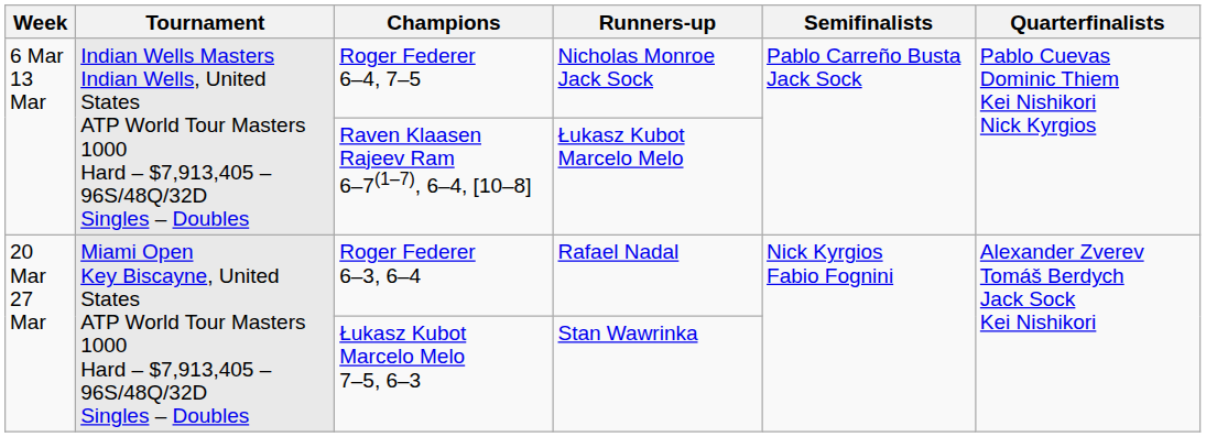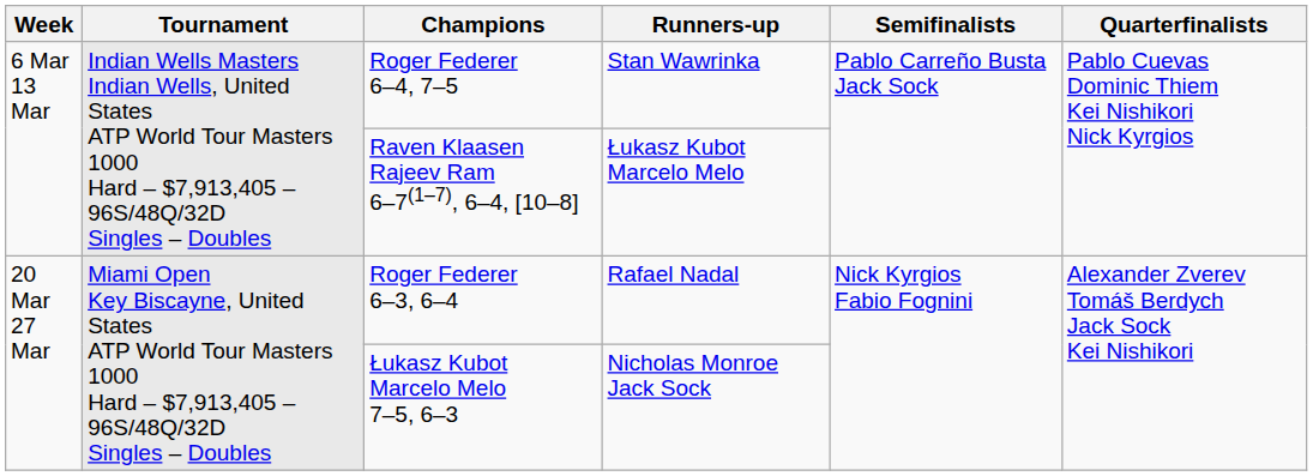 <table class=wikitable style=font-size:95%>
 <tr>
 <th style="width:48px;">Week</th>
 <th style="width:250px;">Tournament</th>
 <th style="width:205px;">Champions</th>
 <th style="width:205px;">Runners-up</th>
 <th style="width:190px;">Semifinalists</th>
 <th style="width:190px;">Quarterfinalists</th>
 </tr>
 <tr valign=top>
 <td rowspan=2>6 Mar<br>13 Mar</td>
 <td style="background:#e9e9e9;" rowspan=2><a href='#'>Indian Wells Masters</a><br> <a href='#'>Indian Wells</a>, United States<br>ATP World Tour Masters 1000<br>Hard – $7,913,405 – 96S/48Q/32D<br> <a href='#'>Singles</a> – <a href='#'>Doubles</a></td>
 <td> <a href='#'>Roger Federer</a> <br>6–4, 7–5</td>
-<td> <a href='#'>Nicholas Monroe</a><br> <a href='#'>Jack Sock</a></td>
+<td> <a href='#'>Stan Wawrinka</a></td>
 <td rowspan=2> <a href='#'>Pablo Carreño Busta</a> <br> <a href='#'>Jack Sock</a></td>
 <td rowspan=2> <a href='#'>Pablo Cuevas</a><br> <a href='#'>Dominic Thiem</a><br>  <a href='#'>Kei Nishikori</a><br> <a href='#'>Nick Kyrgios</a></td>
 </tr>
 <tr valign=top>
 <td> <a href='#'>Raven Klaasen</a> <br>  <a href='#'>Rajeev Ram</a><br>6–7<sup>(1–7)</sup>, 6–4, [10–8]</td>
 <td> <a href='#'>Łukasz Kubot</a><br>  <a href='#'>Marcelo Melo</a></td>
 </tr>
 <tr valign=top>
 <td rowspan=2>20 Mar<br>27 Mar</td>
 <td style="background:#e9e9e9;" rowspan=2><a href='#'>Miami Open</a><br> <a href='#'>Key Biscayne</a>, United States<br>ATP World Tour Masters 1000<br>Hard – $7,913,405 – 96S/48Q/32D<br> <a href='#'>Singles</a> – <a href='#'>Doubles</a></td>
 <td> <a href='#'>Roger Federer</a> <br>6–3, 6–4</td>
 <td> <a href='#'>Rafael Nadal</a></td>
 <td rowspan=2> <a href='#'>Nick Kyrgios</a><br> <a href='#'>Fabio Fognini</a></td>
 <td rowspan=2> <a href='#'>Alexander Zverev</a><br> <a href='#'>Tomáš Berdych</a><br> <a href='#'>Jack Sock</a><br> <a href='#'>Kei Nishikori</a></td>
 </tr>
 <tr valign=top>
 <td> <a href='#'>Łukasz Kubot</a> <br>  <a href='#'>Marcelo Melo</a><br>7–5, 6–3</td>
-<td> <a href='#'>Stan Wawrinka</a></td>
+<td> <a href='#'>Nicholas Monroe</a><br> <a href='#'>Jack Sock</a></td>
 </tr>
 </table>
